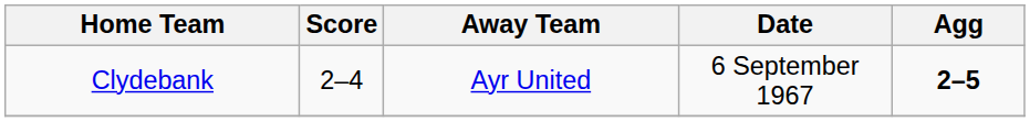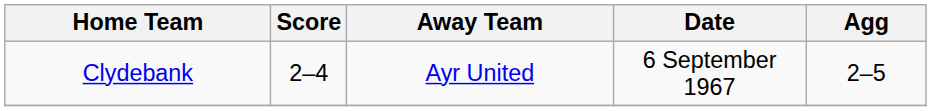 <table class="wikitable" style="text-align:center;">
 <tr>
 <th width=175>Home Team</th>
 <th width=20>Score</th>
 <th width=175>Away Team</th>
 <th width= 125>Date</th>
 <th width= 75>Agg</th>
 </tr>
 <tr>
 <td><a href='#'>Clydebank</a></td>
 <td>2–4</td>
 <td><a href='#'>Ayr United</a></td>
 <td>6 September 1967</td>
-<td><strong>2–5</strong></td>
+<td>2–5</td>
 </tr>
 <tr>
 </tr>
 </table>
